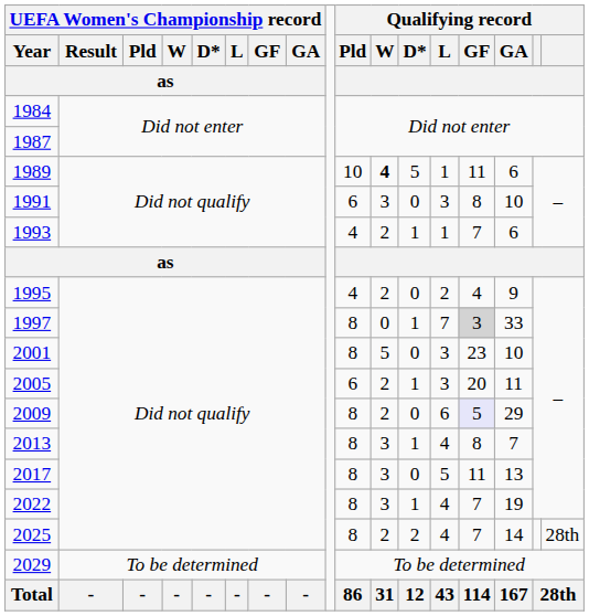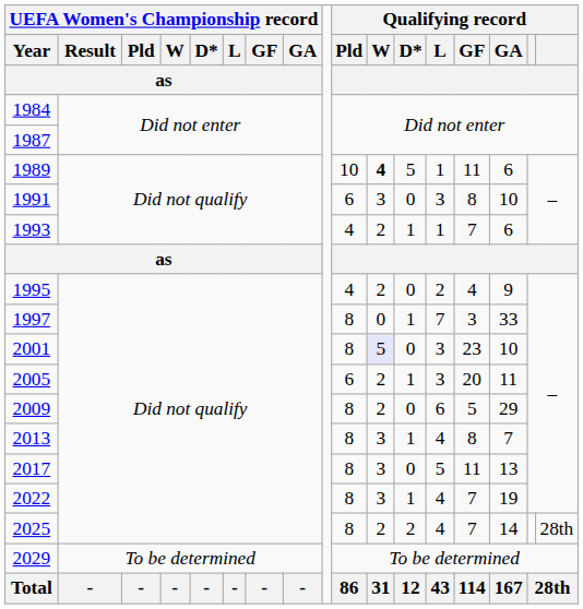 <table class="wikitable" style="text-align: center;">
 <tr>
 <th colspan=8><a href='#'>UEFA Women's Championship</a> record</th>
 <td rowspan=100></td>
 <th colspan=8>Qualifying record</th>
 </tr>
 <tr>
 <th>Year</th>
 <th>Result</th>
 <th>Pld</th>
 <th>W</th>
 <th>D*</th>
 <th>L</th>
 <th>GF</th>
 <th>GA<br></th>
 <th>Pld</th>
 <th>W</th>
 <th>D*</th>
 <th>L</th>
 <th>GF</th>
 <th>GA</th>
 <th></th>
 <th></th>
 </tr>
 <tr>
 <th colspan=8>as </th>
 <th colspan=8></th>
 </tr>
 <tr>
 <td> <a href='#'>1984</a></td>
 <td colspan=7 rowspan=2><em>Did not enter</em></td>
 <td colspan=8 rowspan=2><em>Did not enter</em></td>
 </tr>
 <tr>
 <td> <a href='#'>1987</a></td>
 </tr>
 <tr>
 <td> <a href='#'>1989</a></td>
 <td colspan=7 rowspan=3><em>Did not qualify</em></td>
 <td>10</td>
 <td><strong>4</strong></td>
 <td>5</td>
 <td>1</td>
 <td>11</td>
 <td>6</td>
 <td colspan=2 rowspan=3>–</td>
 </tr>
 <tr>
 <td> <a href='#'>1991</a></td>
 <td>6</td>
 <td>3</td>
 <td>0</td>
 <td>3</td>
 <td>8</td>
 <td>10</td>
 </tr>
 <tr>
 <td> <a href='#'>1993</a></td>
 <td>4</td>
 <td>2</td>
 <td>1</td>
 <td>1</td>
 <td>7</td>
 <td>6</td>
 </tr>
 <tr>
 <th colspan=8>as </th>
 <th colspan=8></th>
 </tr>
 <tr>
 <td> <a href='#'>1995</a></td>
 <td colspan=7 rowspan=9><em>Did not qualify</em></td>
 <td>4</td>
 <td>2</td>
 <td>0</td>
 <td>2</td>
 <td>4</td>
 <td>9</td>
 <td colspan=2 rowspan=8>–</td>
 </tr>
 <tr>
 <td> <a href='#'>1997</a></td>
 <td>8</td>
 <td>0</td>
 <td>1</td>
 <td>7</td>
-<td style="background: lightgrey;">3</td>
+<td>3</td>
 <td>33</td>
 </tr>
 <tr>
 <td> <a href='#'>2001</a></td>
 <td>8</td>
-<td>5</td>
+<td style="background: lavender;">5</td>
 <td>0</td>
 <td>3</td>
 <td>23</td>
 <td>10</td>
 </tr>
 <tr>
 <td> <a href='#'>2005</a></td>
 <td>6</td>
 <td>2</td>
 <td>1</td>
 <td>3</td>
 <td>20</td>
 <td>11</td>
 </tr>
 <tr>
 <td> <a href='#'>2009</a></td>
 <td>8</td>
 <td>2</td>
 <td>0</td>
 <td>6</td>
-<td style="background: lavender;">5</td>
+<td>5</td>
 <td>29</td>
 </tr>
 <tr>
 <td> <a href='#'>2013</a></td>
 <td>8</td>
 <td>3</td>
 <td>1</td>
 <td>4</td>
 <td>8</td>
 <td>7</td>
 </tr>
 <tr>
 <td> <a href='#'>2017</a></td>
 <td>8</td>
 <td>3</td>
 <td>0</td>
 <td>5</td>
 <td>11</td>
 <td>13</td>
 </tr>
 <tr>
 <td> <a href='#'>2022</a></td>
 <td>8</td>
 <td>3</td>
 <td>1</td>
 <td>4</td>
 <td>7</td>
 <td>19</td>
 </tr>
 <tr>
 <td> <a href='#'>2025</a></td>
 <td>8</td>
 <td>2</td>
 <td>2</td>
 <td>4</td>
 <td>7</td>
 <td>14</td>
 <td></td>
 <td>28th</td>
 </tr>
 <tr>
 <td><a href='#'>2029</a></td>
 <td colspan=7><em>To be determined</em></td>
 <td colspan=8><em>To be determined</em></td>
 </tr>
 <tr>
 <th>Total</th>
 <th>-</th>
 <th>-</th>
 <th>-</th>
 <th>-</th>
 <th>-</th>
 <th>-</th>
 <th>-</th>
 <th>86</th>
 <th>31</th>
 <th>12</th>
 <th>43</th>
 <th>114</th>
 <th>167</th>
 <th colspan=2>28th</th>
 </tr>
 </table>
